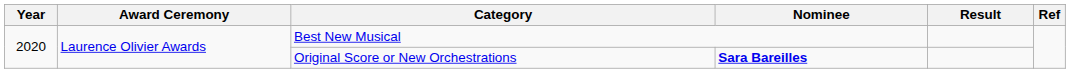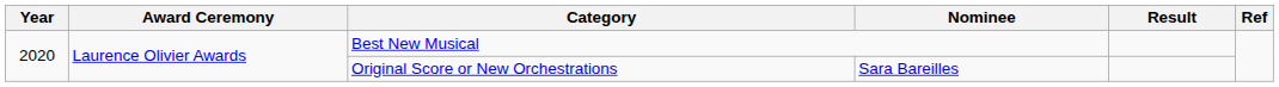 <table class="wikitable" width="100%">
 <tr>
 <th width="5%">Year</th>
 <th width="22%">Award Ceremony</th>
 <th width="40%">Category</th>
 <th width="20%">Nominee</th>
 <th width="10%">Result</th>
 <th width="3%">Ref</th>
 </tr>
 <tr>
 <td rowspan="2" align="center">2020</td>
 <td rowspan="2"><a href='#'>Laurence Olivier Awards</a></td>
 <td colspan="2"><a href='#'>Best New Musical</a></td>
 <td></td>
 <td rowspan="2" align="center"></td>
 </tr>
 <tr>
 <td><a href='#'>Original Score or New Orchestrations</a></td>
-<td><strong><a href='#'>Sara Bareilles</a></strong></td>
+<td><a href='#'>Sara Bareilles</a></td>
 <td></td>
 </tr>
 </table>
